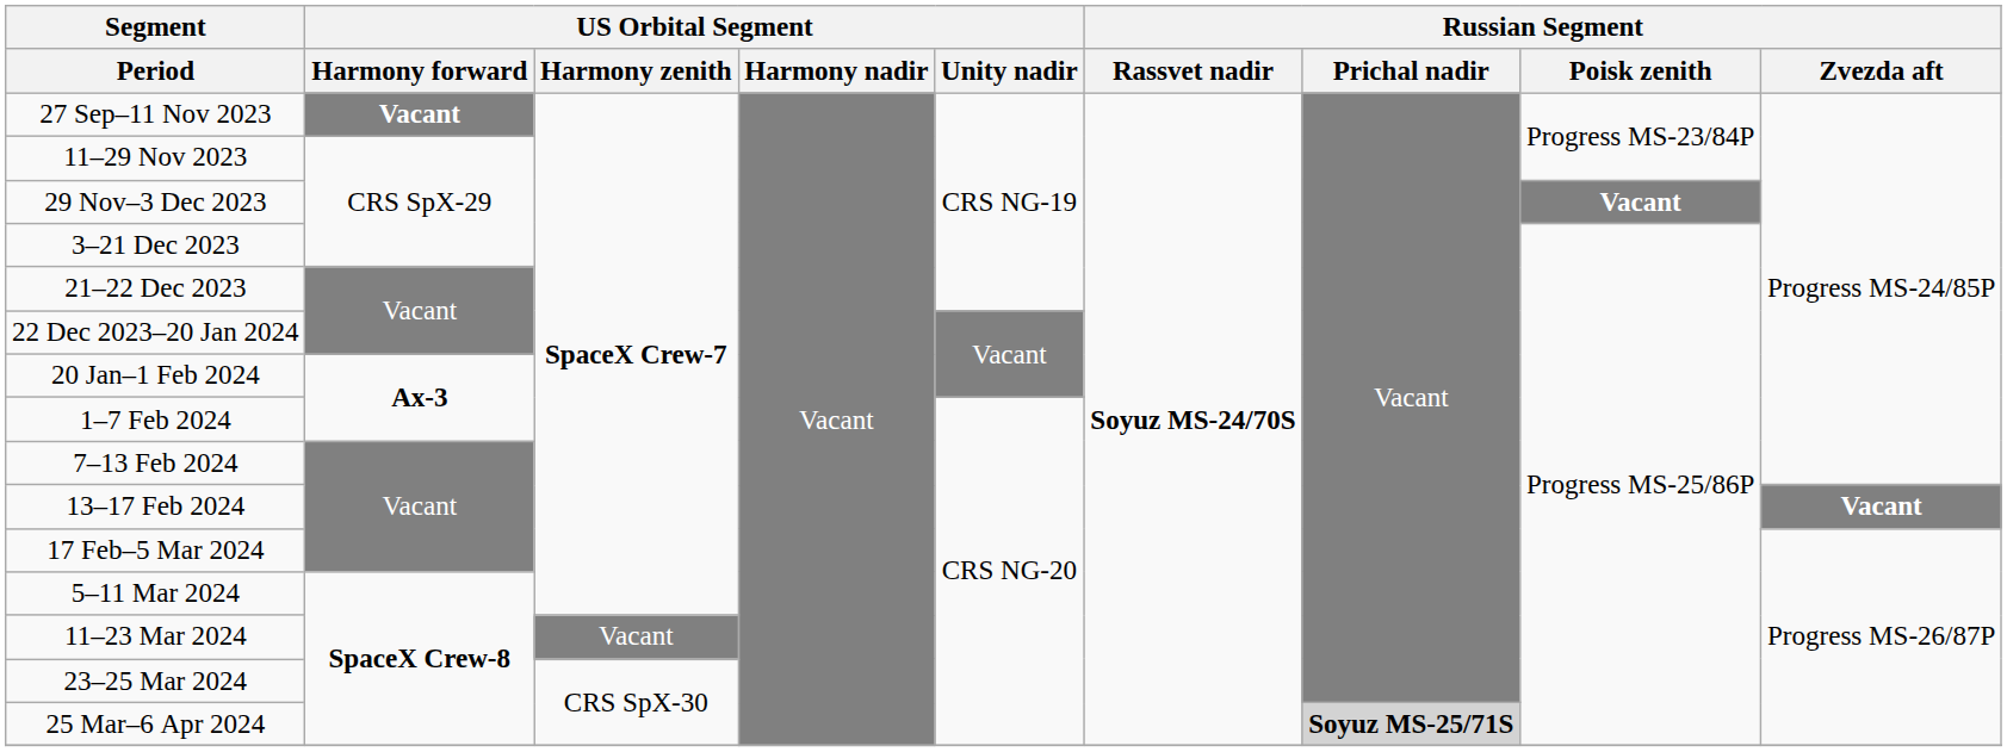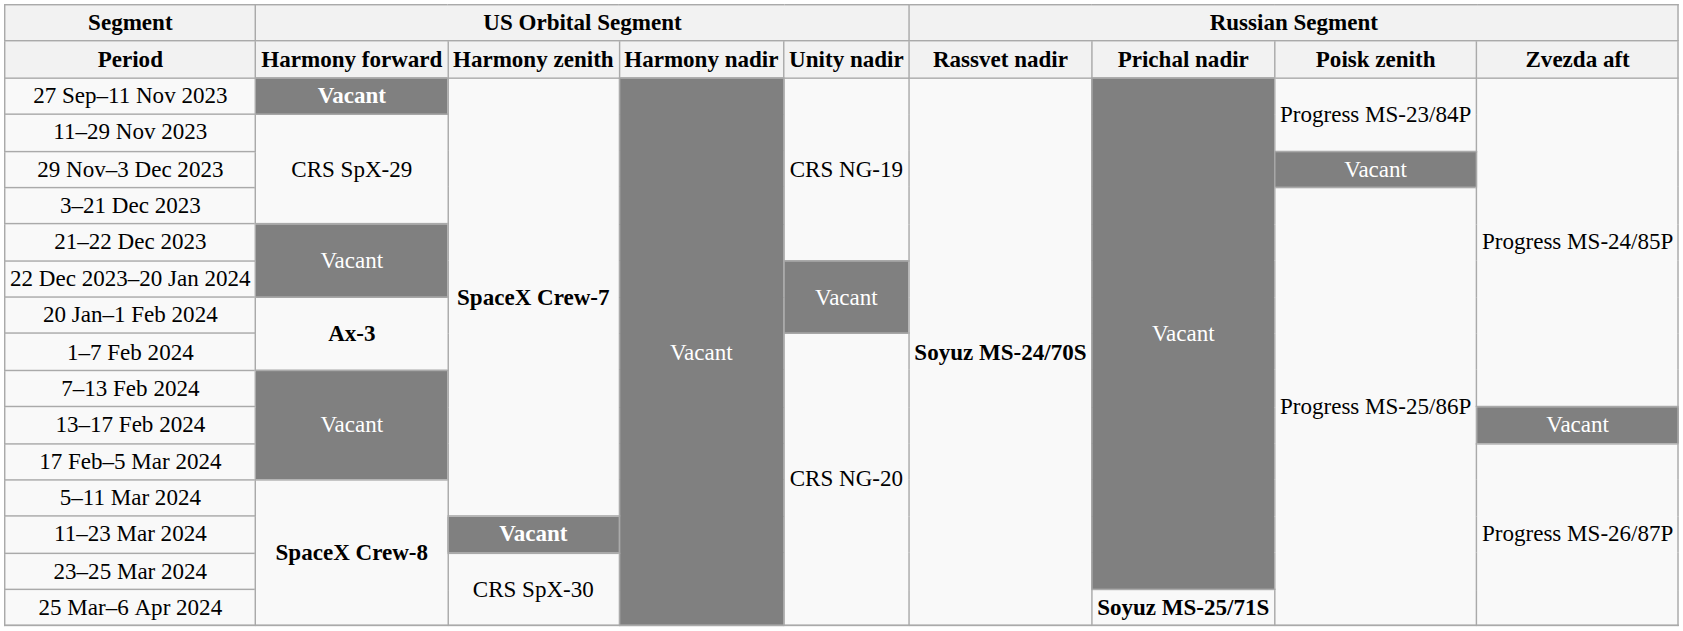 <table class="wikitable" style="text-align:center">
 <tr>
 <th>Segment</th>
 <th colspan="4"> US Orbital Segment</th>
 <th colspan="4"> Russian Segment</th>
 </tr>
 <tr>
 <th>Period</th>
 <th>Harmony forward</th>
 <th>Harmony zenith</th>
 <th>Harmony nadir</th>
 <th>Unity nadir</th>
 <th>Rassvet nadir</th>
 <th>Prichal nadir</th>
 <th>Poisk zenith</th>
 <th>Zvezda aft</th>
 </tr>
 <tr>
 <td>27 Sep–11 Nov 2023</td>
 <td style="background:grey; color:white;"><strong>Vacant</strong></td>
 <td rowspan="12"><strong>SpaceX Crew-7</strong></td>
 <td rowspan="15" style="background:grey; color:white;">Vacant</td>
 <td rowspan=5>CRS NG-19</td>
 <td rowspan="15"><strong>Soyuz MS-24/70S</strong></td>
 <td rowspan="14" style="background:grey; color:white;">Vacant</td>
 <td rowspan=2>Progress MS-23/84P</td>
 <td rowspan=9>Progress MS-24/85P</td>
 </tr>
 <tr>
 <td>11–29 Nov 2023</td>
 <td rowspan=3>CRS SpX-29</td>
 </tr>
 <tr>
 <td>29 Nov–3 Dec 2023</td>
-<td style="background:grey; color:white;"><strong>Vacant</strong></td>
+<td style="background:grey; color:white;">Vacant</td>
 </tr>
 <tr>
 <td>3–21 Dec 2023</td>
 <td rowspan=12>Progress MS-25/86P</td>
 </tr>
 <tr>
 <td>21–22 Dec 2023</td>
 <td rowspan=2 style="background:grey; color:white;">Vacant</td>
 </tr>
 <tr>
 <td>22 Dec 2023–20 Jan 2024</td>
 <td rowspan=2 style="background:grey; color:white;">Vacant</td>
 </tr>
 <tr>
 <td>20 Jan–1 Feb 2024</td>
 <td rowspan=2><strong>Ax-3</strong></td>
 </tr>
 <tr>
 <td>1–7 Feb 2024</td>
 <td rowspan=8>CRS NG-20</td>
 </tr>
 <tr>
 <td>7–13 Feb 2024</td>
 <td rowspan="3" style="background:grey; color:white;">Vacant</td>
 </tr>
 <tr>
 <td>13–17 Feb 2024</td>
-<td style="background:grey; color:white;"><strong>Vacant</strong></td>
+<td style="background:grey; color:white;">Vacant</td>
 </tr>
 <tr>
 <td>17 Feb–5 Mar 2024</td>
 <td rowspan="5">Progress MS-26/87P</td>
 </tr>
 <tr>
 <td>5–11 Mar 2024</td>
 <td rowspan="4"><strong>SpaceX Crew-8</strong></td>
 </tr>
 <tr>
 <td>11–23 Mar 2024</td>
-<td style="background:grey; color:white;">Vacant</td>
+<td style="background:grey; color:white;"><strong>Vacant</strong></td>
 </tr>
 <tr>
 <td>23–25 Mar 2024</td>
 <td rowspan=2>CRS SpX-30</td>
 </tr>
 <tr>
 <td>25 Mar–6 Apr 2024</td>
-<td style="background: lightgrey;"><strong>Soyuz MS-25/71S</strong></td>
+<td><strong>Soyuz MS-25/71S</strong></td>
 </tr>
 <tr>
 </tr>
 </table>
